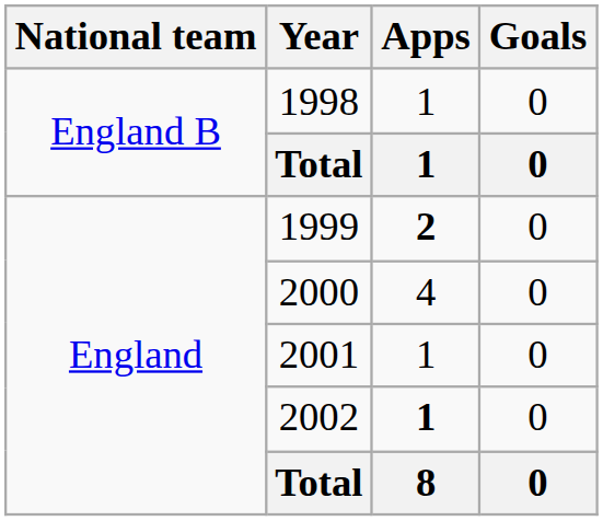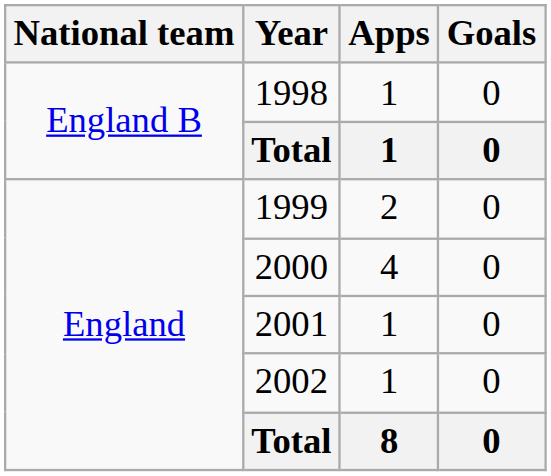 <table class="wikitable" style="text-align:center">
 <tr>
 <th>National team</th>
 <th>Year</th>
 <th>Apps</th>
 <th>Goals</th>
 </tr>
 <tr>
 <td rowspan="2"><a href='#'>England B</a></td>
 <td>1998</td>
 <td>1</td>
 <td>0</td>
 </tr>
 <tr>
 <th>Total</th>
 <th>1</th>
 <th>0</th>
 </tr>
 <tr>
 <td rowspan="5"><a href='#'>England</a></td>
 <td>1999</td>
-<td><strong>2</strong></td>
+<td>2</td>
 <td>0</td>
 </tr>
 <tr>
 <td>2000</td>
 <td>4</td>
 <td>0</td>
 </tr>
 <tr>
 <td>2001</td>
 <td>1</td>
 <td>0</td>
 </tr>
 <tr>
 <td>2002</td>
-<td><strong>1</strong></td>
+<td>1</td>
 <td>0</td>
 </tr>
 <tr>
 <th>Total</th>
 <th>8</th>
 <th>0</th>
 </tr>
 </table>
